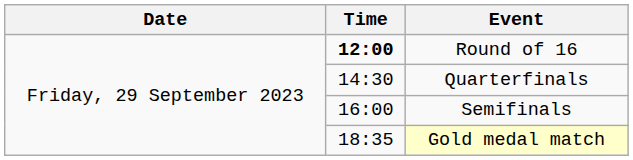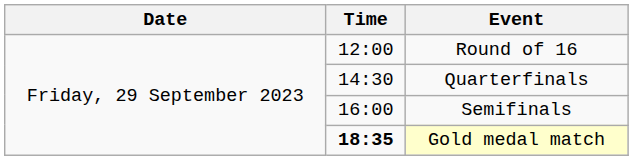 <table class = "wikitable" style="text-align:center;">
 <tr>
 <th width=220>Date</th>
 <th width=50>Time</th>
 <th width=150>Event</th>
 </tr>
 <tr>
 <td rowspan=4>Friday, 29 September 2023</td>
-<td><strong>12:00</strong></td>
+<td>12:00</td>
 <td>Round of 16</td>
 </tr>
 <tr>
 <td>14:30</td>
 <td>Quarterfinals</td>
 </tr>
 <tr>
 <td>16:00</td>
 <td>Semifinals</td>
 </tr>
 <tr>
-<td>18:35</td>
+<td><strong>18:35</strong></td>
 <td bgcolor=ffffcc>Gold medal match</td>
 </tr>
 </table>
